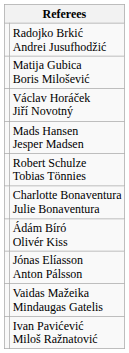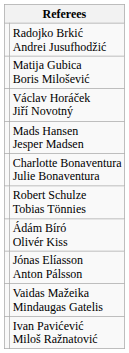 <table class="wikitable" style="display:inline-table;">
 <tr>
 <th colspan="2">Referees</th>
 </tr>
 <tr>
 <td></td>
 <td>Radojko Brkić<br>Andrei Jusufhodžić</td>
 </tr>
 <tr>
 <td></td>
 <td>Matija Gubica<br>Boris Milošević</td>
 </tr>
 <tr>
 <td></td>
 <td>Václav Horáček<br>Jiří Novotný</td>
 </tr>
 <tr>
 <td></td>
 <td>Mads Hansen<br>Jesper Madsen</td>
 </tr>
 <tr>
 <td></td>
-<td>Robert Schulze<br>Tobias Tönnies</td>
+<td>Charlotte Bonaventura<br>Julie Bonaventura</td>
 </tr>
 <tr>
 <td></td>
-<td>Charlotte Bonaventura<br>Julie Bonaventura</td>
+<td>Robert Schulze<br>Tobias Tönnies</td>
 </tr>
 <tr>
 <td></td>
 <td>Ádám Bíró<br>Olivér Kiss</td>
 </tr>
 <tr>
 <td></td>
 <td>Jónas Elíasson<br>Anton Pálsson</td>
 </tr>
 <tr>
 <td></td>
 <td>Vaidas Mažeika<br>Mindaugas Gatelis</td>
 </tr>
 <tr>
 <td></td>
 <td>Ivan Pavićević<br>Miloš Ražnatović</td>
 </tr>
 </table>
